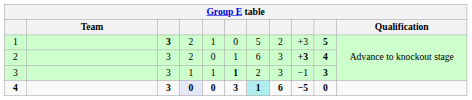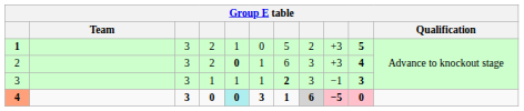 <table class="wikitable" style="text-align:center">
 <tr>
 <th colspan="11"><a href='#'>Group E</a> table</th>
 </tr>
 <tr>
 <th width="30"></th>
 <th width="210">Team</th>
 <th width="30"></th>
 <th width="30"></th>
 <th width="30"></th>
 <th width="30"></th>
 <th width="30"></th>
 <th width="30"></th>
 <th width="30"></th>
 <th width="30"></th>
 <th width="210">Qualification</th>
 </tr>
 <tr bgcolor="#ccffcc">
-<td>1</td>
+<td><strong>1</strong></td>
 <td align="left"></td>
-<td><strong>3</strong></td>
+<td>3</td>
 <td>2</td>
 <td>1</td>
 <td>0</td>
 <td>5</td>
 <td>2</td>
 <td>+3</td>
 <td><strong>5</strong></td>
 <td rowspan="3">Advance to knockout stage</td>
 </tr>
 <tr bgcolor="#ccffcc">
 <td>2</td>
 <td align="left"></td>
 <td>3</td>
 <td>2</td>
-<td>0</td>
+<td><strong>0</strong></td>
 <td>1</td>
 <td>6</td>
 <td>3</td>
-<td><strong>+3</strong></td>
+<td>+3</td>
 <td><strong>4</strong></td>
 </tr>
 <tr bgcolor="#ccffcc">
 <td>3</td>
 <td align="left"></td>
 <td>3</td>
 <td>1</td>
 <td>1</td>
-<td><strong>1</strong></td>
-<td>2</td>
+<td>1</td>
+<td><strong>2</strong></td>
 <td>3</td>
 <td>−1</td>
 <td><strong>3</strong></td>
 </tr>
 <tr>
-<td><strong>4</strong></td>
+<td style="background: lightsalmon;"><strong>4</strong></td>
 <td align="left"><strong></strong></td>
 <td><strong>3</strong></td>
-<td style="background: lavender;"><strong>0</strong></td>
 <td><strong>0</strong></td>
+<td style="background: paleturquoise;"><strong>0</strong></td>
 <td><strong>3</strong></td>
-<td style="background: paleturquoise;"><strong>1</strong></td>
-<td><strong>6</strong></td>
-<td><strong>−5</strong></td>
-<td><strong>0</strong></td>
+<td><strong>1</strong></td>
+<td style="background: lightgrey;"><strong>6</strong></td>
+<td style="background: pink;"><strong>−5</strong></td>
+<td style="background: pink;"><strong>0</strong></td>
 <td></td>
 </tr>
 </table>
